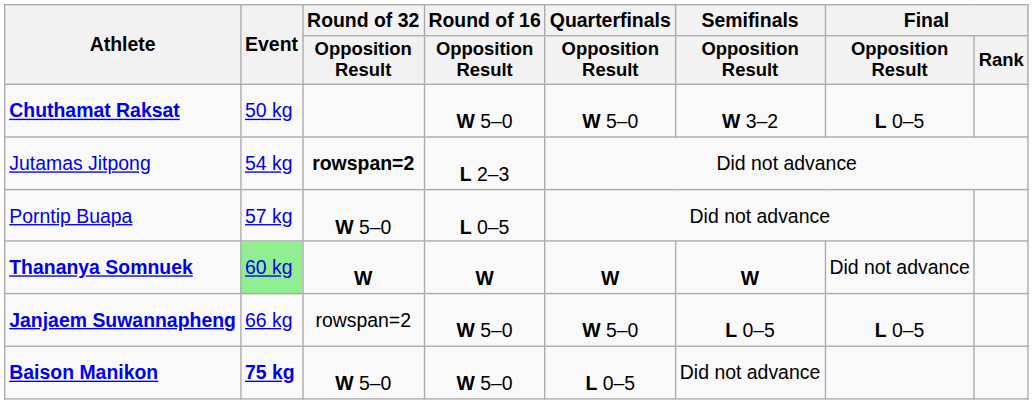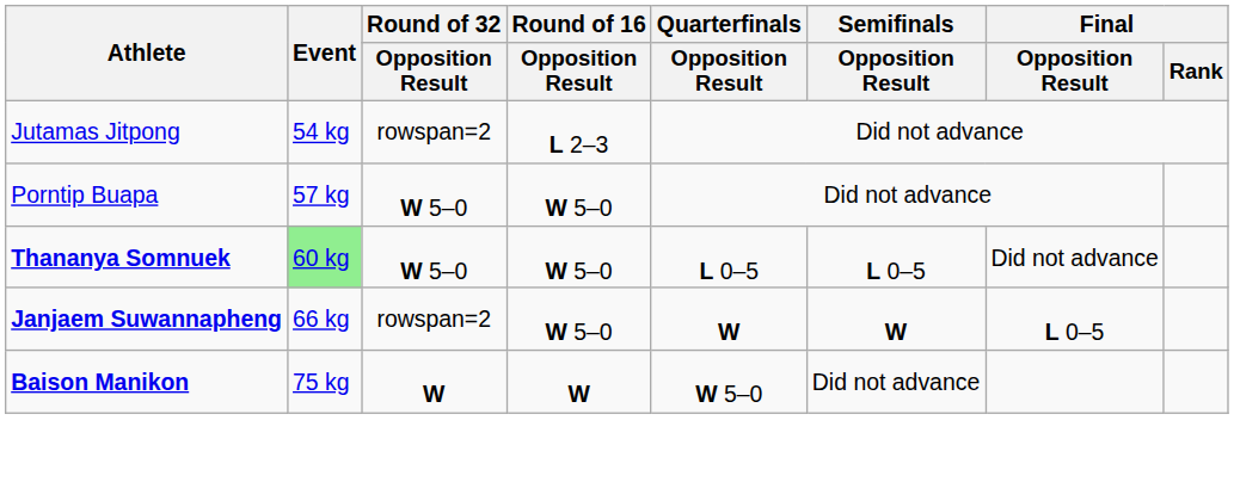 <table class="wikitable" style="font-size:90%">
 <tr>
 <th rowspan="2">Athlete</th>
 <th rowspan="2">Event</th>
 <th>Round of 32</th>
 <th>Round of 16</th>
 <th>Quarterfinals</th>
 <th>Semifinals</th>
 <th colspan=2>Final</th>
 </tr>
 <tr style="font-size:95%">
 <th>Opposition<br>Result</th>
 <th>Opposition<br>Result</th>
 <th>Opposition<br>Result</th>
 <th>Opposition<br>Result</th>
 <th>Opposition<br>Result</th>
 <th>Rank</th>
 </tr>
 <tr align=center>
-<td align=left><strong><a href='#'>Chuthamat Raksat</a></strong></td>
-<td align=left><a href='#'>50 kg</a></td>
-<td></td>
-<td> <br><strong>W</strong> 5–0</td>
-<td> <br><strong>W</strong> 5–0</td>
-<td> <br><strong>W</strong> 3–2</td>
-<td> <br><strong>L</strong> 0–5</td>
-<td></td>
-</tr>
-<tr align=center>
 <td align=left><a href='#'>Jutamas Jitpong</a></td>
 <td align=left><a href='#'>54 kg</a></td>
-<td><strong>rowspan=2 </strong></td>
+<td>rowspan=2 </td>
 <td> <br><strong>L</strong> 2–3</td>
 <td colspan=4>Did not advance</td>
 </tr>
 <tr align=center>
 <td align=left><a href='#'>Porntip Buapa</a></td>
 <td align=left><a href='#'>57 kg</a></td>
 <td> <br><strong>W</strong> 5–0</td>
-<td> <br><strong>L</strong> 0–5</td>
+<td> <br><strong>W</strong> 5–0</td>
 <td colspan=3>Did not advance</td>
 </tr>
 <tr align=center>
 <td align=left><strong><a href='#'>Thananya Somnuek</a></strong></td>
 <td align=left style="background: lightgreen;"><a href='#'>60 kg</a></td>
-<td> <br><strong>W</strong> </td>
-<td> <br><strong>W</strong> </td>
-<td> <br><strong>W</strong> </td>
-<td> <br><strong>W</strong> </td>
+<td> <br><strong>W</strong> 5–0</td>
+<td> <br><strong>W</strong> 5–0</td>
+<td> <br><strong>L</strong> 0–5</td>
+<td> <br><strong>L</strong> 0–5</td>
 <td>Did not advance</td>
 <td></td>
 </tr>
 <tr align=center>
 <td align=left><strong><a href='#'>Janjaem Suwannapheng</a></strong></td>
 <td align=left><a href='#'>66 kg</a></td>
 <td>rowspan=2 </td>
 <td> <br><strong>W</strong> 5–0</td>
-<td> <br><strong>W</strong> 5–0</td>
-<td> <br><strong>L</strong> 0–5</td>
+<td> <br><strong>W</strong> </td>
+<td> <br><strong>W</strong> </td>
 <td> <br><strong>L</strong> 0–5</td>
 <td></td>
 </tr>
 <tr align=center>
 <td align=left><strong><a href='#'>Baison Manikon</a></strong></td>
-<td align=left><strong><a href='#'>75 kg</a></strong></td>
+<td align=left><a href='#'>75 kg</a></td>
+<td> <br><strong>W</strong> </td>
+<td> <br><strong>W</strong> </td>
 <td> <br><strong>W</strong> 5–0</td>
-<td> <br><strong>W</strong> 5–0</td>
-<td> <br><strong>L</strong> 0–5</td>
 <td>Did not advance</td>
 <td></td>
 </tr>
 </table>
